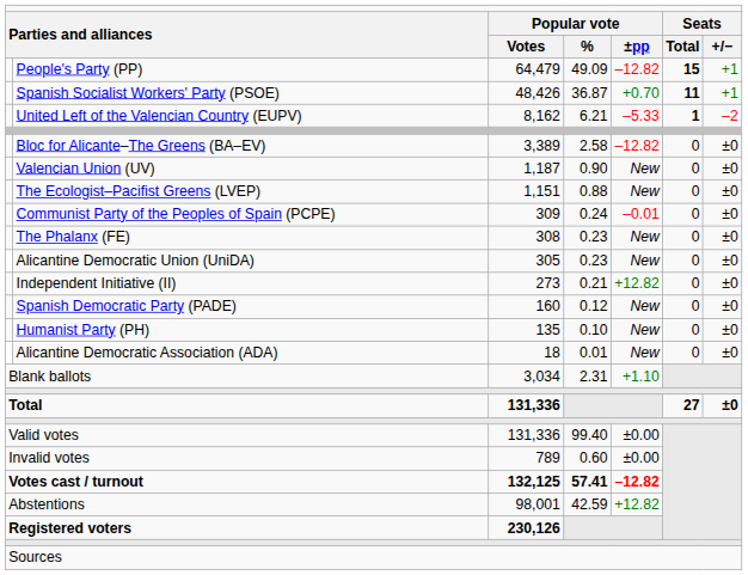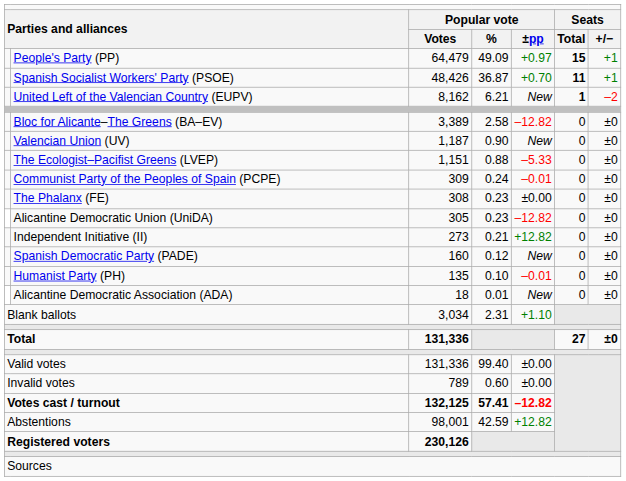 <table class="wikitable" style="text-align:right;">
 <tr>
 <td colspan="7"></td>
 </tr>
 <tr>
 <th style="text-align:left;" rowspan="2" colspan="2" width="525">Parties and alliances</th>
 <th colspan="3">Popular vote</th>
 <th colspan="2">Seats</th>
 </tr>
 <tr>
 <th width="75">Votes</th>
 <th width="45">%</th>
 <th width="45">±<a href='#'>pp</a></th>
 <th width="35">Total</th>
 <th width="35">+/−</th>
 </tr>
 <tr>
 <td width="1" style="color:inherit;background:"></td>
 <td align="left"><a href='#'>People's Party</a> (PP)</td>
 <td>64,479</td>
 <td>49.09</td>
-<td style="color:red;">–12.82</td>
+<td style="color:green;">+0.97</td>
 <td><strong>15</strong></td>
 <td style="color:green;">+1</td>
 </tr>
 <tr>
 <td style="color:inherit;background:"></td>
 <td align="left"><a href='#'>Spanish Socialist Workers' Party</a> (PSOE)</td>
 <td>48,426</td>
 <td>36.87</td>
 <td style="color:green;">+0.70</td>
 <td><strong>11</strong></td>
 <td style="color:green;">+1</td>
 </tr>
 <tr>
 <td style="color:inherit;background:"></td>
 <td align="left"><a href='#'>United Left of the Valencian Country</a> (EUPV)</td>
 <td>8,162</td>
 <td>6.21</td>
-<td style="color:red;">–5.33</td>
+<td><em>New</em></td>
 <td><strong>1</strong></td>
 <td style="color:red;">–2</td>
 </tr>
 <tr>
 <td colspan="7" bgcolor="#C0C0C0"></td>
 </tr>
 <tr>
 <td style="color:inherit;background:"></td>
 <td align="left"><a href='#'>Bloc for Alicante</a>–<a href='#'>The Greens</a> (BA–EV)</td>
 <td>3,389</td>
 <td>2.58</td>
 <td style="color:red;">–12.82</td>
 <td>0</td>
 <td>±0</td>
 </tr>
 <tr>
 <td style="color:inherit;background:"></td>
 <td align="left"><a href='#'>Valencian Union</a> (UV)</td>
 <td>1,187</td>
 <td>0.90</td>
 <td><em>New</em></td>
 <td>0</td>
 <td>±0</td>
 </tr>
 <tr>
 <td style="color:inherit;background:"></td>
 <td align="left"><a href='#'>The Ecologist–Pacifist Greens</a> (LVEP)</td>
 <td>1,151</td>
 <td>0.88</td>
-<td><em>New</em></td>
+<td style="color:red;">–5.33</td>
 <td>0</td>
 <td>±0</td>
 </tr>
 <tr>
 <td style="color:inherit;background:"></td>
 <td align="left"><a href='#'>Communist Party of the Peoples of Spain</a> (PCPE)</td>
 <td>309</td>
 <td>0.24</td>
 <td style="color:red;">–0.01</td>
 <td>0</td>
 <td>±0</td>
 </tr>
 <tr>
 <td style="color:inherit;background:"></td>
 <td align="left"><a href='#'>The Phalanx</a> (FE)</td>
 <td>308</td>
 <td>0.23</td>
-<td><em>New</em></td>
+<td>±0.00</td>
 <td>0</td>
 <td>±0</td>
 </tr>
 <tr>
 <td bgcolor="white"></td>
 <td align="left">Alicantine Democratic Union (UniDA)</td>
 <td>305</td>
 <td>0.23</td>
-<td><em>New</em></td>
+<td style="color:red;">–12.82</td>
 <td>0</td>
 <td>±0</td>
 </tr>
 <tr>
 <td style="color:inherit;background:"></td>
 <td align="left">Independent Initiative (II)</td>
 <td>273</td>
 <td>0.21</td>
 <td style="color:green;">+12.82</td>
 <td>0</td>
 <td>±0</td>
 </tr>
 <tr>
 <td style="color:inherit;background:"></td>
 <td align="left"><a href='#'>Spanish Democratic Party</a> (PADE)</td>
 <td>160</td>
 <td>0.12</td>
 <td><em>New</em></td>
 <td>0</td>
 <td>±0</td>
 </tr>
 <tr>
 <td style="color:inherit;background:"></td>
 <td align="left"><a href='#'>Humanist Party</a> (PH)</td>
 <td>135</td>
 <td>0.10</td>
-<td><em>New</em></td>
+<td style="color:red;">–0.01</td>
 <td>0</td>
 <td>±0</td>
 </tr>
 <tr>
 <td bgcolor="white"></td>
 <td align="left">Alicantine Democratic Association (ADA)</td>
 <td>18</td>
 <td>0.01</td>
 <td><em>New</em></td>
 <td>0</td>
 <td>±0</td>
 </tr>
 <tr>
 <td align="left" colspan="2">Blank ballots</td>
 <td>3,034</td>
 <td>2.31</td>
 <td style="color:green;">+1.10</td>
 <td bgcolor="#E9E9E9" colspan="2"></td>
 </tr>
 <tr>
 <td colspan="7" bgcolor="#E9E9E9"></td>
 </tr>
 <tr style="font-weight:bold;">
 <td align="left" colspan="2">Total</td>
 <td>131,336</td>
 <td bgcolor="#E9E9E9" colspan="2"></td>
 <td>27</td>
 <td>±0</td>
 </tr>
 <tr>
 <td colspan="7" bgcolor="#E9E9E9"></td>
 </tr>
 <tr>
 <td align="left" colspan="2">Valid votes</td>
 <td>131,336</td>
 <td>99.40</td>
 <td>±0.00</td>
 <td bgcolor="#E9E9E9" colspan="2" rowspan="5"></td>
 </tr>
 <tr>
 <td align="left" colspan="2">Invalid votes</td>
 <td>789</td>
 <td>0.60</td>
 <td>±0.00</td>
 </tr>
 <tr style="font-weight:bold;">
 <td align="left" colspan="2">Votes cast / turnout</td>
 <td>132,125</td>
 <td>57.41</td>
 <td style="color:red;">–12.82</td>
 </tr>
 <tr>
 <td align="left" colspan="2">Abstentions</td>
 <td>98,001</td>
 <td>42.59</td>
 <td style="color:green;">+12.82</td>
 </tr>
 <tr style="font-weight:bold;">
 <td align="left" colspan="2">Registered voters</td>
 <td>230,126</td>
 <td bgcolor="#E9E9E9" colspan="2"></td>
 </tr>
 <tr>
 <td colspan="7" bgcolor="#E9E9E9"></td>
 </tr>
 <tr>
 <td align="left" colspan="7">Sources</td>
 </tr>
 </table>
